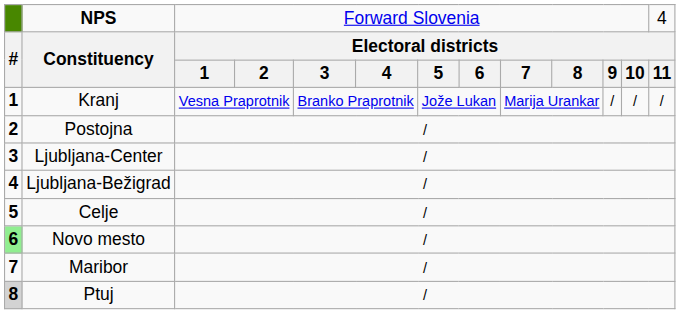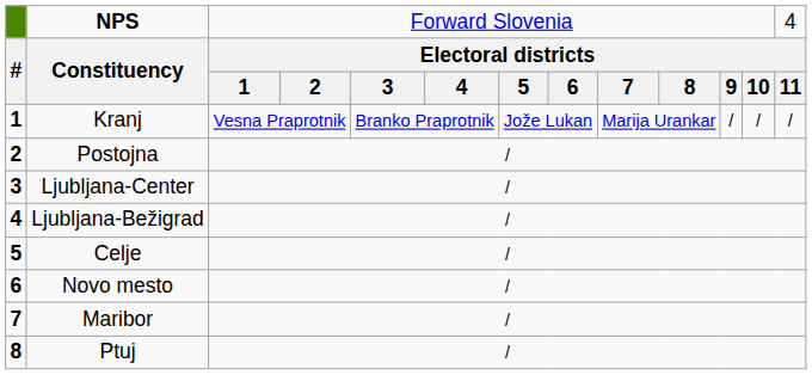 <table class="wikitable" style="text-align: center;">
 <tr>
 <td style="background:#488700"></td>
 <td><strong>NPS</strong></td>
 <td colspan="10"><a href='#'>Forward Slovenia</a><br></td>
 <td>4<br></td>
 </tr>
 <tr>
 <th rowspan="2">#</th>
 <th rowspan="2">Constituency</th>
 <th colspan="11">Electoral districts</th>
 </tr>
 <tr>
 <th>1</th>
 <th>2</th>
 <th>3</th>
 <th>4</th>
 <th>5</th>
 <th>6</th>
 <th>7</th>
 <th>8</th>
 <th>9</th>
 <th>10</th>
 <th>11</th>
 </tr>
 <tr>
 <td style="text-align:center;"><strong>1</strong></td>
 <td>Kranj</td>
 <td colspan="2"><a href='#'><small>Vesna Praprotnik</small></a></td>
 <td colspan="2"><a href='#'><small>Branko Praprotnik</small></a></td>
 <td colspan="2"><a href='#'><small>Jože Lukan</small></a></td>
 <td colspan="2"><a href='#'><small>Marija Urankar</small></a></td>
 <td><small>/</small></td>
 <td><small>/</small></td>
 <td><small>/</small></td>
 </tr>
 <tr>
 <td style="text-align:center;"><strong>2</strong></td>
 <td>Postojna</td>
 <td colspan="11"><small>/</small></td>
 </tr>
 <tr>
 <td style="text-align:center;"><strong>3</strong></td>
 <td>Ljubljana-Center</td>
 <td colspan="11"><small>/</small></td>
 </tr>
 <tr>
 <td style="text-align:center;"><strong>4</strong></td>
 <td>Ljubljana-Bežigrad</td>
 <td colspan="11"><small>/</small></td>
 </tr>
 <tr>
 <td style="text-align:center;"><strong>5</strong></td>
 <td>Celje</td>
 <td colspan="11"><small>/</small></td>
 </tr>
 <tr>
-<td style="background: lightgreen; text-align:center;"><strong>6</strong></td>
+<td style="text-align:center;"><strong>6</strong></td>
 <td>Novo mesto</td>
 <td colspan="11"><small>/</small></td>
 </tr>
 <tr>
 <td style="text-align:center;"><strong>7</strong></td>
 <td>Maribor</td>
 <td colspan="11"><small>/</small></td>
 </tr>
 <tr>
-<td style="background: lightgrey; text-align:center;"><strong>8</strong></td>
+<td style="text-align:center;"><strong>8</strong></td>
 <td>Ptuj</td>
 <td colspan="11"><small>/</small></td>
 </tr>
 </table>
